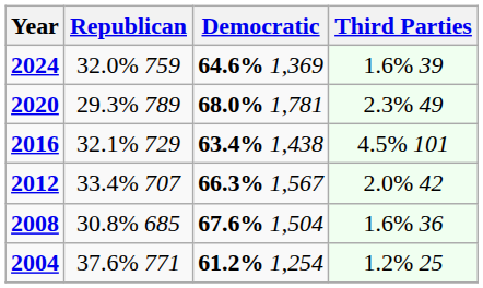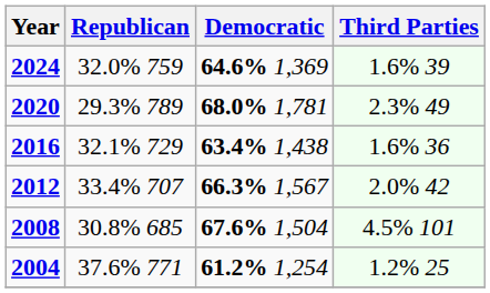 <table class="wikitable" style="float:right; font-size:95%;">
 <tr bgcolor=lightgrey>
 <th>Year</th>
 <th><a href='#'>Republican</a></th>
 <th><a href='#'>Democratic</a></th>
 <th><a href='#'>Third Parties</a></th>
 </tr>
 <tr>
 <td style="text-align:center; "><strong><a href='#'>2024</a></strong></td>
 <td style="text-align:center; ">32.0% <em>759</em></td>
 <td style="text-align:center; "><strong>64.6%</strong>  <em>1,369</em></td>
 <td style="text-align:center; background:honeyDew;">1.6% <em>39</em></td>
 </tr>
 <tr>
 <td style="text-align:center; "><strong><a href='#'>2020</a></strong></td>
 <td style="text-align:center; ">29.3% <em>789</em></td>
 <td style="text-align:center; "><strong>68.0%</strong>  <em>1,781</em></td>
 <td style="text-align:center; background:honeyDew;">2.3% <em>49</em></td>
 </tr>
 <tr>
 <td style="text-align:center; "><strong><a href='#'>2016</a></strong></td>
 <td style="text-align:center; ">32.1% <em>729</em></td>
 <td style="text-align:center; "><strong>63.4%</strong>  <em>1,438</em></td>
-<td style="text-align:center; background:honeyDew;">4.5% <em>101</em></td>
+<td style="text-align:center; background:honeyDew;">1.6% <em>36</em></td>
 </tr>
 <tr>
 <td style="text-align:center; "><strong><a href='#'>2012</a></strong></td>
 <td style="text-align:center; ">33.4% <em>707</em></td>
 <td style="text-align:center; "><strong>66.3%</strong>  <em>1,567</em></td>
 <td style="text-align:center; background:honeyDew;">2.0% <em>42</em></td>
 </tr>
 <tr>
 <td style="text-align:center; "><strong><a href='#'>2008</a></strong></td>
 <td style="text-align:center; ">30.8% <em>685</em></td>
 <td style="text-align:center; "><strong>67.6%</strong>  <em>1,504</em></td>
-<td style="text-align:center; background:honeyDew;">1.6% <em>36</em></td>
+<td style="text-align:center; background:honeyDew;">4.5% <em>101</em></td>
 </tr>
 <tr>
 <td style="text-align:center; "><strong><a href='#'>2004</a></strong></td>
 <td style="text-align:center; ">37.6% <em>771</em></td>
 <td style="text-align:center; "><strong>61.2%</strong>  <em>1,254</em></td>
 <td style="text-align:center; background:honeyDew;">1.2% <em>25</em></td>
 </tr>
 <tr>
 </tr>
 </table>
